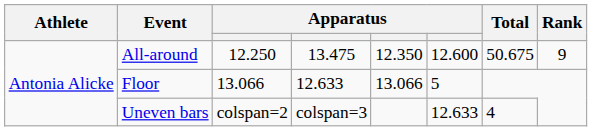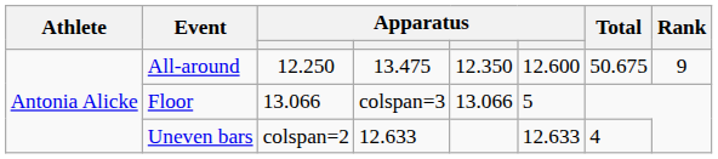 <table class="wikitable" style="font-size:90%">
 <tr>
 <th rowspan=2>Athlete</th>
 <th rowspan=2>Event</th>
 <th colspan =4>Apparatus</th>
 <th rowspan=2>Total</th>
 <th rowspan=2>Rank</th>
 </tr>
 <tr style="font-size:95%">
 <th></th>
 <th></th>
 <th></th>
 <th></th>
 </tr>
 <tr align=center>
 <td rowspan=3 align=left><a href='#'>Antonia Alicke</a></td>
 <td align=left><a href='#'>All-around</a></td>
 <td>12.250</td>
 <td>13.475</td>
 <td>12.350</td>
 <td>12.600</td>
 <td>50.675</td>
 <td>9</td>
 </tr>
 <tr>
 <td align=left><a href='#'>Floor</a></td>
 <td>13.066</td>
-<td>12.633</td>
+<td>colspan=3 </td>
 <td>13.066</td>
 <td>5</td>
 </tr>
 <tr>
 <td align=left><a href='#'>Uneven bars</a></td>
 <td>colspan=2 </td>
-<td>colspan=3 </td>
+<td>12.633</td>
 <td></td>
 <td>12.633</td>
 <td>4</td>
 </tr>
 </table>
